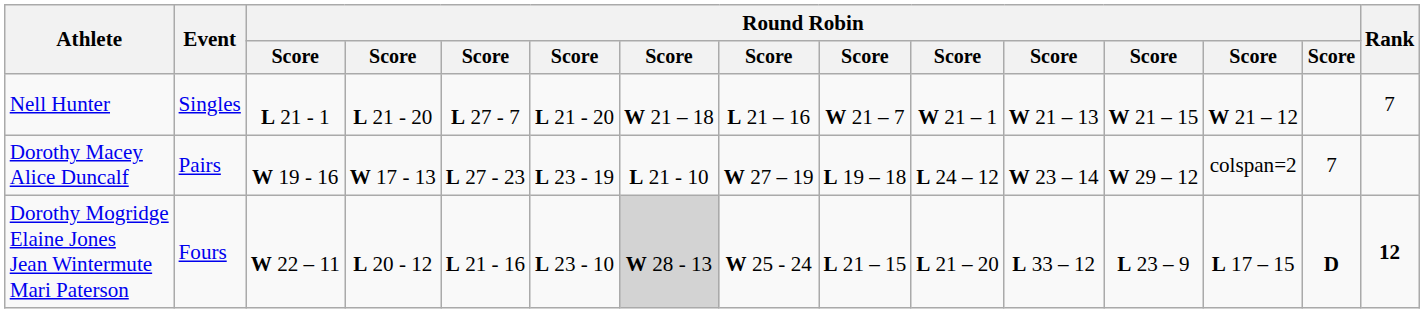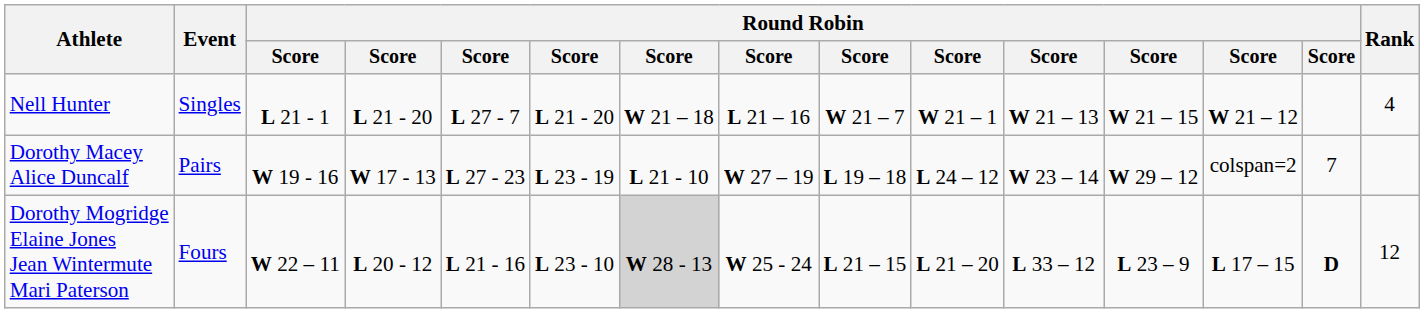 <table class="wikitable" style="font-size:88%; text-align:center">
 <tr>
 <th rowspan=2>Athlete</th>
 <th rowspan=2>Event</th>
 <th colspan=12>Round Robin</th>
 <th rowspan=2>Rank</th>
 </tr>
 <tr style="font-size:95%">
 <th>Score</th>
 <th>Score</th>
 <th>Score</th>
 <th>Score</th>
 <th>Score</th>
 <th>Score</th>
 <th>Score</th>
 <th>Score</th>
 <th>Score</th>
 <th>Score</th>
 <th>Score</th>
 <th>Score</th>
 </tr>
 <tr>
 <td align=left><a href='#'>Nell Hunter</a></td>
 <td align=left><a href='#'>Singles</a></td>
 <td><br><strong>L</strong> 21 - 1</td>
 <td><br><strong>L</strong> 21 - 20</td>
 <td><br><strong>L</strong> 27 - 7</td>
 <td><br><strong>L</strong> 21 - 20</td>
 <td><br><strong>W</strong> 21 – 18</td>
 <td><br><strong>L</strong> 21 – 16</td>
 <td><br><strong>W</strong> 21 – 7</td>
 <td><br><strong>W</strong> 21 – 1</td>
 <td><br><strong>W</strong> 21 – 13</td>
 <td><br><strong>W</strong> 21 – 15</td>
 <td><br><strong>W</strong> 21 – 12</td>
 <td></td>
-<td>7</td>
+<td>4</td>
 </tr>
 <tr>
 <td align=left><a href='#'>Dorothy Macey</a><br><a href='#'>Alice Duncalf</a></td>
 <td align=left><a href='#'>Pairs</a></td>
 <td><br><strong>W</strong> 19 - 16</td>
 <td><br><strong>W</strong> 17 - 13</td>
 <td><br><strong>L</strong> 27 - 23</td>
 <td><br><strong>L</strong> 23 - 19</td>
 <td><br><strong>L</strong> 21 - 10</td>
 <td><br><strong>W</strong> 27 – 19</td>
 <td><br><strong>L</strong> 19 – 18</td>
 <td><br><strong>L</strong> 24 – 12</td>
 <td><br><strong>W</strong> 23 – 14</td>
 <td><br><strong>W</strong> 29 – 12</td>
 <td>colspan=2 </td>
 <td>7</td>
 </tr>
 <tr align=centre>
 <td align=left><a href='#'>Dorothy Mogridge</a><br><a href='#'>Elaine Jones</a><br><a href='#'>Jean Wintermute</a><br><a href='#'>Mari Paterson</a></td>
 <td align=left><a href='#'>Fours</a></td>
 <td><br><strong>W</strong> 22 – 11</td>
 <td><br><strong>L</strong> 20 - 12</td>
 <td><br><strong>L</strong> 21 - 16</td>
 <td><br><strong>L</strong> 23 - 10</td>
 <td style="background: lightgrey;"><br><strong>W</strong> 28 - 13</td>
 <td><br><strong>W</strong> 25 - 24</td>
 <td><br><strong>L</strong> 21 – 15</td>
 <td><br><strong>L</strong> 21 – 20</td>
 <td><br><strong>L</strong> 33 – 12</td>
 <td><br><strong>L</strong> 23 – 9</td>
 <td><br><strong>L</strong> 17 – 15</td>
 <td><br><strong>D</strong></td>
-<td><strong>12</strong></td>
+<td>12</td>
 </tr>
 </table>
